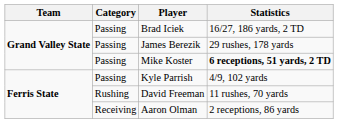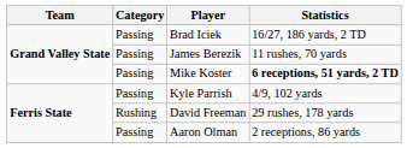 <table class="wikitable" style="float: right;">
 <tr>
 <th>Team</th>
 <th>Category</th>
 <th>Player</th>
 <th>Statistics</th>
 </tr>
 <tr>
 <td rowspan=3><strong>Grand Valley State</strong></td>
 <td>Passing</td>
 <td>Brad Iciek</td>
 <td>16/27, 186 yards, 2 TD</td>
 </tr>
 <tr>
 <td>Passing</td>
 <td>James Berezik</td>
-<td>29 rushes, 178 yards</td>
+<td>11 rushes, 70 yards</td>
 </tr>
 <tr>
 <td>Passing</td>
 <td>Mike Koster</td>
 <td><strong>6 receptions, 51 yards, 2 TD</strong></td>
 </tr>
 <tr>
 <td rowspan=3><strong>Ferris State</strong></td>
 <td>Passing</td>
 <td>Kyle Parrish</td>
 <td>4/9, 102 yards</td>
 </tr>
 <tr>
 <td>Rushing</td>
 <td>David Freeman</td>
-<td>11 rushes, 70 yards</td>
+<td>29 rushes, 178 yards</td>
 </tr>
 <tr>
-<td>Receiving</td>
+<td>Passing</td>
 <td>Aaron Olman</td>
 <td>2 receptions, 86 yards</td>
 </tr>
 </table>
